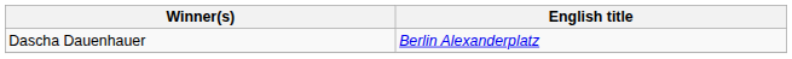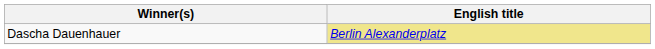 <table class="wikitable" width="95%" cellpadding="5">
 <tr>
 <th width="18%">Winner(s)</th>
 <th width="18%">English title</th>
 </tr>
 <tr>
 <td>  Dascha Dauenhauer</td>
-<td><em><a href='#'>Berlin Alexanderplatz</a></em></td>
+<td style="background: khaki;"><em><a href='#'>Berlin Alexanderplatz</a></em></td>
 </tr>
 <tr>
 </tr>
 </table>
